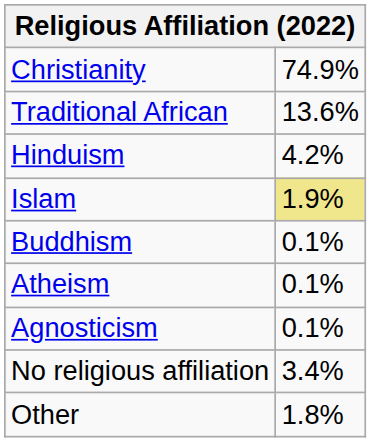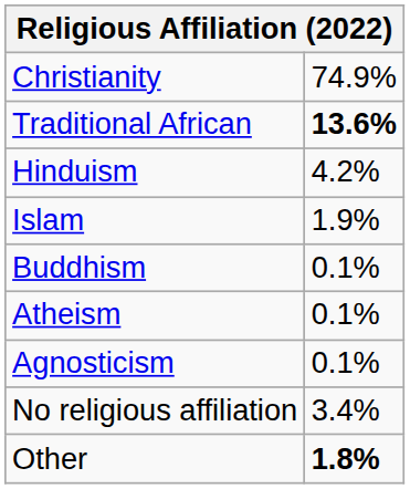 <table class="wikitable">
 <tr>
 <th colspan="2">Religious Affiliation (2022)</th>
 </tr>
 <tr>
 <td><a href='#'>Christianity</a></td>
 <td>74.9%</td>
 </tr>
 <tr>
 <td><a href='#'>Traditional African</a></td>
-<td>13.6%</td>
+<td><strong>13.6%</strong></td>
 </tr>
 <tr>
 <td><a href='#'>Hinduism</a></td>
 <td>4.2%</td>
 </tr>
 <tr>
 <td><a href='#'>Islam</a></td>
-<td style="background: khaki;">1.9%</td>
+<td>1.9%</td>
 </tr>
 <tr>
 <td><a href='#'>Buddhism</a></td>
 <td>0.1%</td>
 </tr>
 <tr>
 <td><a href='#'>Atheism</a></td>
 <td>0.1%</td>
 </tr>
 <tr>
 <td><a href='#'>Agnosticism</a></td>
 <td>0.1%</td>
 </tr>
 <tr>
 <td>No religious affiliation</td>
 <td>3.4%</td>
 </tr>
 <tr>
 <td>Other</td>
-<td>1.8%</td>
+<td><strong>1.8%</strong></td>
 </tr>
 </table>
